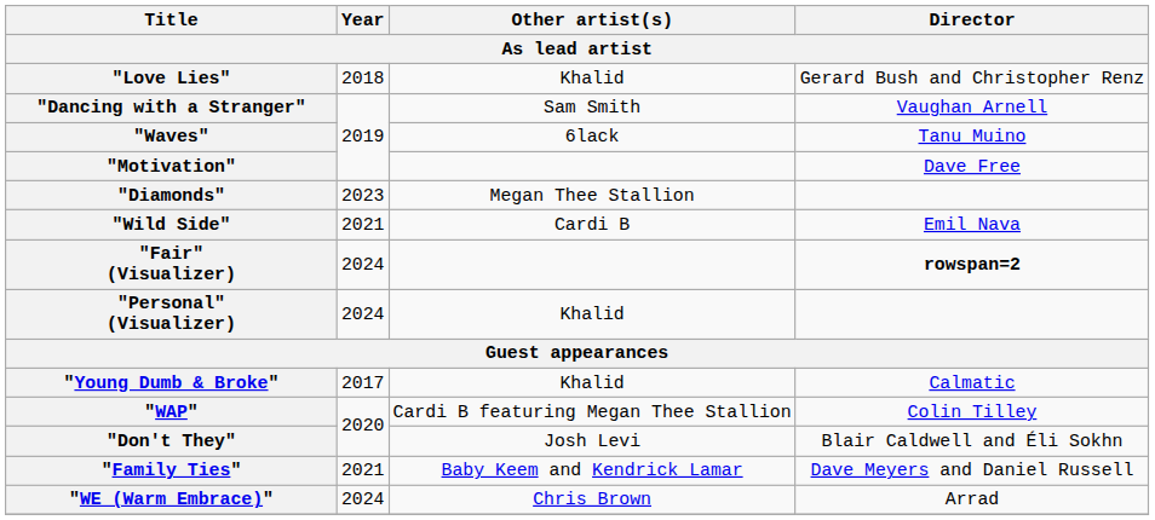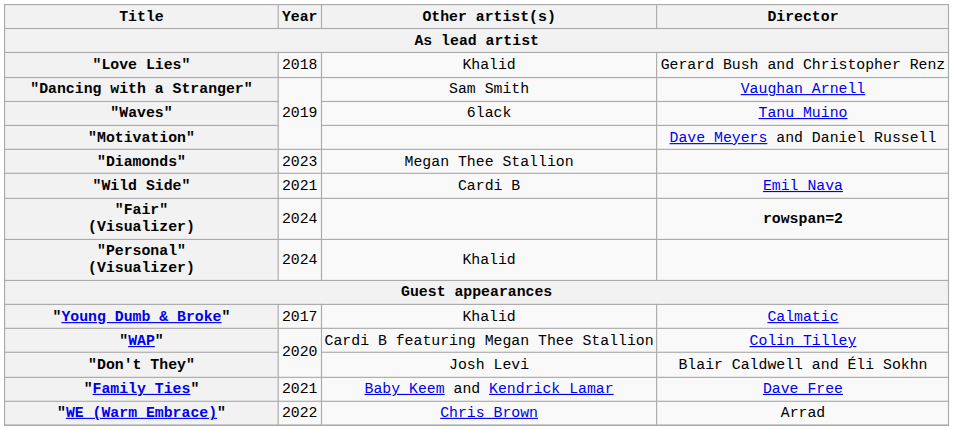 <table class="wikitable plainrowheaders" style="text-align:center;">
 <tr>
 <th scope="col" style="width:18em;">Title</th>
 <th scope="col" style="width:1em;">Year</th>
 <th>Other artist(s)</th>
 <th>Director</th>
 </tr>
 <tr>
 <th scope="col" colspan="4">As lead artist</th>
 </tr>
 <tr>
 <th scope="row">"Love Lies"</th>
 <td>2018</td>
 <td>Khalid</td>
 <td>Gerard Bush and Christopher Renz</td>
 </tr>
 <tr>
 <th scope="row">"Dancing with a Stranger"</th>
 <td rowspan="3">2019</td>
 <td>Sam Smith</td>
 <td><a href='#'>Vaughan Arnell</a></td>
 </tr>
 <tr>
 <th scope="row">"Waves"</th>
 <td>6lack</td>
 <td><a href='#'>Tanu Muino</a></td>
 </tr>
 <tr>
 <th scope="row">"Motivation"</th>
 <td></td>
-<td><a href='#'>Dave Free</a></td>
+<td><a href='#'>Dave Meyers</a> and Daniel Russell</td>
 </tr>
 <tr>
 <th scope="row">"Diamonds"</th>
 <td>2023</td>
 <td>Megan Thee Stallion</td>
 <td></td>
 </tr>
 <tr>
 <th scope="row">"Wild Side"</th>
 <td>2021</td>
 <td>Cardi B</td>
 <td><a href='#'>Emil Nava</a></td>
 </tr>
 <tr>
 <th scope="row">"Fair"<br>(Visualizer)</th>
 <td>2024</td>
 <td></td>
 <td><strong>rowspan=2 </strong></td>
 </tr>
 <tr>
 <th scope="row">"Personal"<br>(Visualizer)</th>
 <td>2024</td>
 <td>Khalid</td>
 </tr>
 <tr>
 <th scope="col" colspan="4">Guest appearances</th>
 </tr>
 <tr>
 <th scope="row">"<a href='#'>Young Dumb & Broke</a>"</th>
 <td>2017</td>
 <td>Khalid</td>
 <td><a href='#'>Calmatic</a></td>
 </tr>
 <tr>
 <th scope="row">"<a href='#'>WAP</a>"</th>
 <td rowspan="2">2020</td>
 <td>Cardi B featuring Megan Thee Stallion</td>
 <td><a href='#'>Colin Tilley</a></td>
 </tr>
 <tr>
 <th scope="row">"Don't They"</th>
 <td>Josh Levi</td>
 <td>Blair Caldwell and Éli Sokhn</td>
 </tr>
 <tr>
 <th scope="row">"<a href='#'>Family Ties</a>"</th>
 <td>2021</td>
 <td><a href='#'>Baby Keem</a> and <a href='#'>Kendrick Lamar</a></td>
-<td><a href='#'>Dave Meyers</a> and Daniel Russell</td>
+<td><a href='#'>Dave Free</a></td>
 </tr>
 <tr>
 <th scope="row">"<a href='#'>WE (Warm Embrace)</a>"</th>
-<td>2024</td>
+<td>2022</td>
 <td><a href='#'>Chris Brown</a></td>
 <td>Arrad</td>
 </tr>
 <tr>
 </tr>
 </table>
